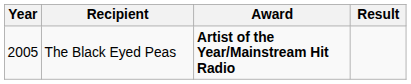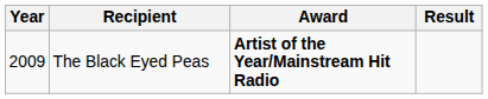 <table style="width: 75%;" class="wikitable">
 <tr>
 <th style="width:6%;">Year</th>
 <th style="width:40%;">Recipient</th>
 <th style="width:40%;">Award</th>
 <th style="width:14%;">Result</th>
 </tr>
 <tr>
-<td>2005</td>
+<td>2009</td>
 <td>The Black Eyed Peas</td>
 <td><strong>Artist of the Year/Mainstream Hit Radio</strong></td>
 <td></td>
 </tr>
 </table>
